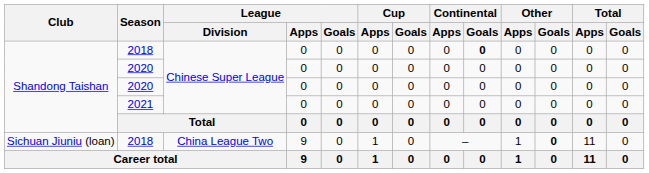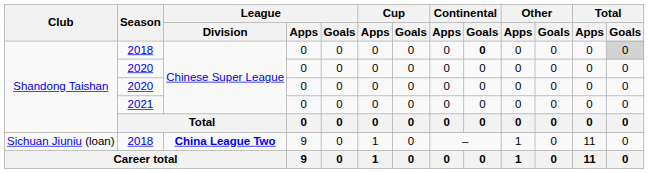 <table class="wikitable" style="text-align: center">
 <tr>
 <th rowspan="2">Club</th>
 <th rowspan="2">Season</th>
 <th colspan="3">League</th>
 <th colspan="2">Cup</th>
 <th colspan="2">Continental</th>
 <th colspan="2">Other</th>
 <th colspan="2">Total</th>
 </tr>
 <tr>
 <th>Division</th>
 <th>Apps</th>
 <th>Goals</th>
 <th>Apps</th>
 <th>Goals</th>
 <th>Apps</th>
 <th>Goals</th>
 <th>Apps</th>
 <th>Goals</th>
 <th>Apps</th>
 <th>Goals</th>
 </tr>
 <tr>
 <td rowspan="5"><a href='#'>Shandong Taishan</a></td>
 <td><a href='#'>2018</a></td>
 <td rowspan="4"><a href='#'>Chinese Super League</a></td>
 <td>0</td>
 <td>0</td>
 <td>0</td>
 <td>0</td>
 <td>0</td>
 <td><strong>0</strong></td>
 <td>0</td>
 <td>0</td>
 <td>0</td>
-<td>0</td>
+<td style="background: lightgrey;">0</td>
 </tr>
 <tr>
 <td><a href='#'>2020</a></td>
 <td>0</td>
 <td>0</td>
 <td>0</td>
 <td>0</td>
 <td>0</td>
 <td>0</td>
 <td>0</td>
 <td>0</td>
 <td>0</td>
 <td>0</td>
 </tr>
 <tr>
 <td><a href='#'>2020</a></td>
 <td>0</td>
 <td>0</td>
 <td>0</td>
 <td>0</td>
 <td>0</td>
 <td>0</td>
 <td>0</td>
 <td>0</td>
 <td>0</td>
 <td>0</td>
 </tr>
 <tr>
 <td><a href='#'>2021</a></td>
 <td>0</td>
 <td>0</td>
 <td>0</td>
 <td>0</td>
 <td>0</td>
 <td>0</td>
 <td>0</td>
 <td>0</td>
 <td>0</td>
 <td>0</td>
 </tr>
 <tr>
 <th colspan=2>Total</th>
 <th>0</th>
 <th>0</th>
 <th>0</th>
 <th>0</th>
 <th>0</th>
 <th>0</th>
 <th>0</th>
 <th>0</th>
 <th>0</th>
 <th>0</th>
 </tr>
 <tr>
 <td><a href='#'>Sichuan Jiuniu</a> (loan)</td>
 <td><a href='#'>2018</a></td>
-<td><a href='#'>China League Two</a></td>
+<td><strong><a href='#'>China League Two</a></strong></td>
 <td>9</td>
 <td>0</td>
 <td>1</td>
 <td>0</td>
 <td colspan="2">–</td>
 <td>1</td>
-<td><strong>0</strong></td>
+<td>0</td>
 <td>11</td>
 <td>0</td>
 </tr>
 <tr>
 <th colspan=3>Career total</th>
 <th>9</th>
 <th>0</th>
 <th>1</th>
 <th>0</th>
 <th>0</th>
 <th>0</th>
 <th>1</th>
 <th>0</th>
 <th>11</th>
 <th>0</th>
 </tr>
 </table>
